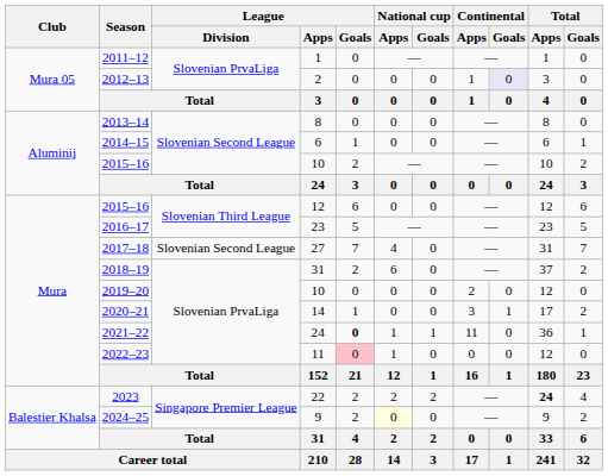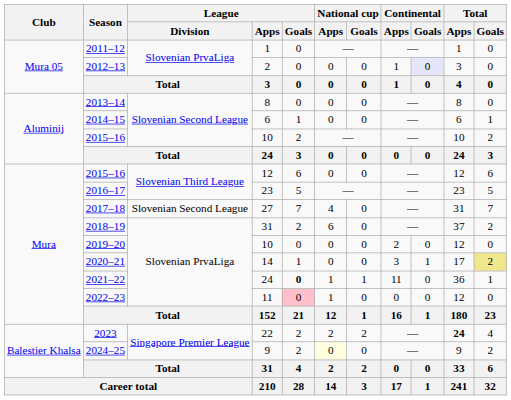 <table class="wikitable" style="text-align: center">
 <tr>
 <th rowspan="2">Club</th>
 <th rowspan="2">Season</th>
 <th colspan="3">League</th>
 <th colspan="2">National cup</th>
 <th colspan="2">Continental</th>
 <th colspan="2">Total</th>
 </tr>
 <tr>
 <th>Division</th>
 <th>Apps</th>
 <th>Goals</th>
 <th>Apps</th>
 <th>Goals</th>
 <th>Apps</th>
 <th>Goals</th>
 <th>Apps</th>
 <th>Goals</th>
 </tr>
 <tr>
 <td rowspan="3"><a href='#'>Mura 05</a></td>
 <td><a href='#'>2011–12</a></td>
 <td rowspan="2"><a href='#'>Slovenian PrvaLiga</a></td>
 <td>1</td>
 <td>0</td>
 <td colspan="2">—</td>
 <td colspan="2">—</td>
 <td>1</td>
 <td>0</td>
 </tr>
 <tr>
 <td><a href='#'>2012–13</a></td>
 <td>2</td>
 <td>0</td>
 <td>0</td>
 <td>0</td>
 <td>1</td>
 <td style="background: lavender;">0</td>
 <td>3</td>
 <td>0</td>
 </tr>
 <tr>
 <th colspan="2">Total</th>
 <th>3</th>
 <th>0</th>
 <th>0</th>
 <th>0</th>
 <th>1</th>
 <th>0</th>
 <th>4</th>
 <th>0</th>
 </tr>
 <tr>
 <td rowspan="4"><a href='#'>Aluminij</a></td>
 <td><a href='#'>2013–14</a></td>
 <td rowspan="3"><a href='#'>Slovenian Second League</a></td>
 <td>8</td>
 <td>0</td>
 <td>0</td>
 <td>0</td>
 <td colspan="2">—</td>
 <td>8</td>
 <td>0</td>
 </tr>
 <tr>
 <td><a href='#'>2014–15</a></td>
 <td>6</td>
 <td>1</td>
 <td>0</td>
 <td>0</td>
 <td colspan="2">—</td>
 <td>6</td>
 <td>1</td>
 </tr>
 <tr>
 <td><a href='#'>2015–16</a></td>
 <td>10</td>
 <td>2</td>
 <td colspan="2">—</td>
 <td colspan="2">—</td>
 <td>10</td>
 <td>2</td>
 </tr>
 <tr>
 <th colspan="2">Total</th>
 <th>24</th>
 <th>3</th>
 <th>0</th>
 <th>0</th>
 <th>0</th>
 <th>0</th>
 <th>24</th>
 <th>3</th>
 </tr>
 <tr>
 <td rowspan="9"><a href='#'>Mura</a></td>
 <td><a href='#'>2015–16</a></td>
 <td rowspan="2"><a href='#'>Slovenian Third League</a></td>
 <td>12</td>
 <td>6</td>
 <td>0</td>
 <td>0</td>
 <td colspan="2">—</td>
 <td>12</td>
 <td>6</td>
 </tr>
 <tr>
 <td><a href='#'>2016–17</a></td>
 <td>23</td>
 <td>5</td>
 <td colspan="2">—</td>
 <td colspan="2">—</td>
 <td>23</td>
 <td>5</td>
 </tr>
 <tr>
 <td><a href='#'>2017–18</a></td>
 <td>Slovenian Second League</td>
 <td>27</td>
 <td>7</td>
 <td>4</td>
 <td>0</td>
 <td colspan="2">—</td>
 <td>31</td>
 <td>7</td>
 </tr>
 <tr>
 <td><a href='#'>2018–19</a></td>
 <td rowspan="5">Slovenian PrvaLiga</td>
 <td>31</td>
 <td>2</td>
 <td>6</td>
 <td>0</td>
 <td colspan="2">—</td>
 <td>37</td>
 <td>2</td>
 </tr>
 <tr>
 <td><a href='#'>2019–20</a></td>
 <td>10</td>
 <td>0</td>
 <td>0</td>
 <td>0</td>
 <td>2</td>
 <td>0</td>
 <td>12</td>
 <td>0</td>
 </tr>
 <tr>
 <td><a href='#'>2020–21</a></td>
 <td>14</td>
 <td>1</td>
 <td>0</td>
 <td>0</td>
 <td>3</td>
 <td>1</td>
 <td>17</td>
-<td>2</td>
+<td style="background: khaki;">2</td>
 </tr>
 <tr>
 <td><a href='#'>2021–22</a></td>
 <td>24</td>
 <td><strong>0</strong></td>
 <td>1</td>
 <td>1</td>
 <td>11</td>
 <td>0</td>
 <td>36</td>
 <td>1</td>
 </tr>
 <tr>
 <td><a href='#'>2022–23</a></td>
 <td>11</td>
 <td style="background: pink;">0</td>
 <td>1</td>
 <td>0</td>
 <td>0</td>
 <td>0</td>
 <td>12</td>
 <td>0</td>
 </tr>
 <tr>
 <th colspan="2">Total</th>
 <th>152</th>
 <th>21</th>
 <th>12</th>
 <th>1</th>
 <th>16</th>
 <th>1</th>
 <th>180</th>
 <th>23</th>
 </tr>
 <tr>
 <td rowspan="3"><a href='#'>Balestier Khalsa</a></td>
 <td><a href='#'>2023</a></td>
 <td rowspan="2"><a href='#'>Singapore Premier League</a></td>
 <td>22</td>
 <td>2</td>
 <td>2</td>
 <td>2</td>
 <td colspan="2">—</td>
 <td><strong>24</strong></td>
 <td>4</td>
 </tr>
 <tr>
 <td><a href='#'>2024–25</a></td>
 <td>9</td>
 <td>2</td>
 <td style="background: lightyellow;">0</td>
 <td>0</td>
 <td colspan="2">—</td>
 <td>9</td>
 <td>2</td>
 </tr>
 <tr>
 <th colspan="2">Total</th>
 <th>31</th>
 <th>4</th>
 <th>2</th>
 <th>2</th>
 <th>0</th>
 <th>0</th>
 <th>33</th>
 <th>6</th>
 </tr>
 <tr>
 <th colspan=3>Career total</th>
 <th>210</th>
 <th>28</th>
 <th>14</th>
 <th>3</th>
 <th>17</th>
 <th>1</th>
 <th>241</th>
 <th>32</th>
 </tr>
 </table>
